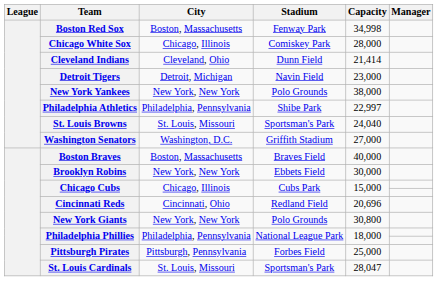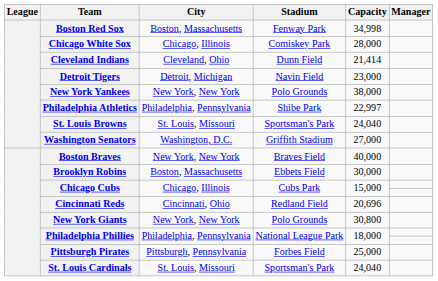 <table class="wikitable sortable plainrowheaders" style="text-align:center;">
 <tr>
 <th scope="col">League</th>
 <th scope="col">Team</th>
 <th scope="col">City</th>
 <th scope="col">Stadium</th>
 <th scope="col">Capacity</th>
 <th scope="col">Manager</th>
 </tr>
 <tr>
 <th rowspan="8"></th>
 <th scope="row"><a href='#'>Boston Red Sox</a></th>
 <td><a href='#'>Boston</a>, <a href='#'>Massachusetts</a></td>
 <td><a href='#'>Fenway Park</a></td>
 <td>34,998</td>
 <td></td>
 </tr>
 <tr>
 <th scope="row"><a href='#'>Chicago White Sox</a></th>
 <td><a href='#'>Chicago</a>, <a href='#'>Illinois</a></td>
 <td><a href='#'>Comiskey Park</a></td>
 <td>28,000</td>
 <td></td>
 </tr>
 <tr>
 <th scope="row"><a href='#'>Cleveland Indians</a></th>
 <td><a href='#'>Cleveland</a>, <a href='#'>Ohio</a></td>
 <td><a href='#'>Dunn Field</a></td>
 <td>21,414</td>
 <td></td>
 </tr>
 <tr>
 <th scope="row"><a href='#'>Detroit Tigers</a></th>
 <td><a href='#'>Detroit</a>, <a href='#'>Michigan</a></td>
 <td><a href='#'>Navin Field</a></td>
 <td>23,000</td>
 <td></td>
 </tr>
 <tr>
 <th scope="row"><a href='#'>New York Yankees</a></th>
 <td><a href='#'>New York</a>, <a href='#'>New York</a></td>
 <td><a href='#'>Polo Grounds</a></td>
 <td>38,000</td>
 <td></td>
 </tr>
 <tr>
 <th scope="row"><a href='#'>Philadelphia Athletics</a></th>
 <td><a href='#'>Philadelphia</a>, <a href='#'>Pennsylvania</a></td>
 <td><a href='#'>Shibe Park</a></td>
 <td>22,997</td>
 <td></td>
 </tr>
 <tr>
 <th scope="row"><a href='#'>St. Louis Browns</a></th>
 <td><a href='#'>St. Louis</a>, <a href='#'>Missouri</a></td>
 <td><a href='#'>Sportsman's Park</a></td>
 <td>24,040</td>
 <td></td>
 </tr>
 <tr>
 <th scope="row"><a href='#'>Washington Senators</a></th>
 <td><a href='#'>Washington, D.C.</a></td>
 <td><a href='#'>Griffith Stadium</a></td>
 <td>27,000</td>
 <td></td>
 </tr>
 <tr>
 <th rowspan="10"></th>
 <th scope="row"><a href='#'>Boston Braves</a></th>
-<td><a href='#'>Boston</a>, <a href='#'>Massachusetts</a></td>
+<td><a href='#'>New York</a>, <a href='#'>New York</a></td>
 <td><a href='#'>Braves Field</a></td>
 <td>40,000</td>
 <td></td>
 </tr>
 <tr>
 <th scope="row"><a href='#'>Brooklyn Robins</a></th>
-<td><a href='#'>New York</a>, <a href='#'>New York</a></td>
+<td><a href='#'>Boston</a>, <a href='#'>Massachusetts</a></td>
 <td><a href='#'>Ebbets Field</a></td>
 <td>30,000</td>
 <td></td>
 </tr>
 <tr>
 <th rowspan="2" scope="row"><a href='#'>Chicago Cubs</a></th>
 <td rowspan="2"><a href='#'>Chicago</a>, <a href='#'>Illinois</a></td>
 <td rowspan="2"><a href='#'>Cubs Park</a></td>
 <td rowspan="2">15,000</td>
 <td></td>
 </tr>
 <tr>
 <td></td>
 </tr>
 <tr>
 <th scope="row"><a href='#'>Cincinnati Reds</a></th>
 <td><a href='#'>Cincinnati</a>, <a href='#'>Ohio</a></td>
 <td><a href='#'>Redland Field</a></td>
 <td>20,696</td>
 <td></td>
 </tr>
 <tr>
 <th scope="row"><a href='#'>New York Giants</a></th>
 <td><a href='#'>New York</a>, <a href='#'>New York</a></td>
 <td><a href='#'>Polo Grounds</a></td>
 <td>30,800</td>
 <td></td>
 </tr>
 <tr>
 <th rowspan="2" scope="row"><a href='#'>Philadelphia Phillies</a></th>
 <td rowspan="2"><a href='#'>Philadelphia</a>, <a href='#'>Pennsylvania</a></td>
 <td rowspan="2"><a href='#'>National League Park</a></td>
 <td rowspan="2">18,000</td>
 <td></td>
 </tr>
 <tr>
 <td></td>
 </tr>
 <tr>
 <th scope="row"><a href='#'>Pittsburgh Pirates</a></th>
 <td><a href='#'>Pittsburgh</a>, <a href='#'>Pennsylvania</a></td>
 <td><a href='#'>Forbes Field</a></td>
 <td>25,000</td>
 <td></td>
 </tr>
 <tr>
 <th scope="row"><a href='#'>St. Louis Cardinals</a></th>
 <td><a href='#'>St. Louis</a>, <a href='#'>Missouri</a></td>
 <td><a href='#'>Sportsman's Park</a></td>
-<td>28,047</td>
+<td>24,040</td>
 <td></td>
 </tr>
 </table>
